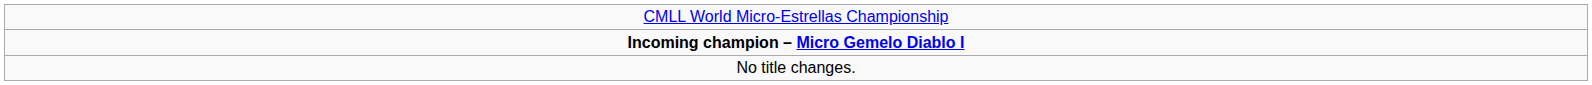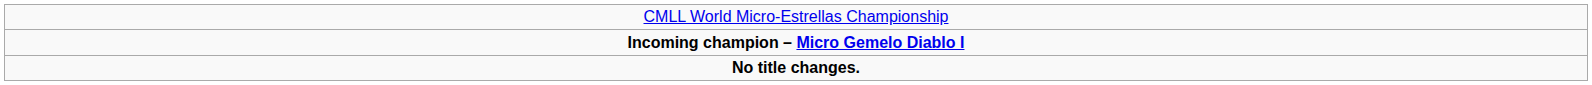 <table class="wikitable" style="text-align:center; width:100%;">
 <tr>
 <td colspan="5" style="text-align: center;"><a href='#'>CMLL World Micro-Estrellas Championship</a></td>
 </tr>
 <tr>
 <td colspan="5" style="text-align: center;"><strong>Incoming champion – <a href='#'>Micro Gemelo Diablo I</a></strong></td>
 </tr>
 <tr>
-<td>No title changes.</td>
+<td><strong>No title changes.</strong></td>
 </tr>
 <tr>
 </tr>
 </table>
